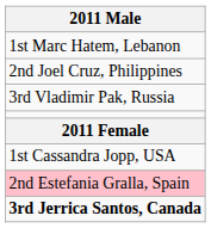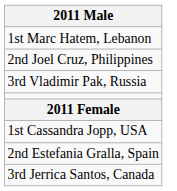 <table class="wikitable" style="float:left; margin-right:1em">
 <tr>
 <th>2011 Male</th>
 </tr>
 <tr>
 <td>1st Marc Hatem, Lebanon</td>
 </tr>
 <tr>
 <td>2nd Joel Cruz, Philippines</td>
 </tr>
 <tr>
 <td>3rd Vladimir Pak, Russia</td>
 </tr>
 <tr>
 <td></td>
 </tr>
 <tr>
 <th>2011 Female</th>
 </tr>
 <tr>
 <td>1st Cassandra Jopp, USA</td>
 </tr>
 <tr>
-<td style="background: pink;">2nd Estefania Gralla, Spain</td>
+<td>2nd Estefania Gralla, Spain</td>
 </tr>
 <tr>
-<td><strong>3rd Jerrica Santos, Canada</strong></td>
+<td>3rd Jerrica Santos, Canada</td>
 </tr>
 </table>
